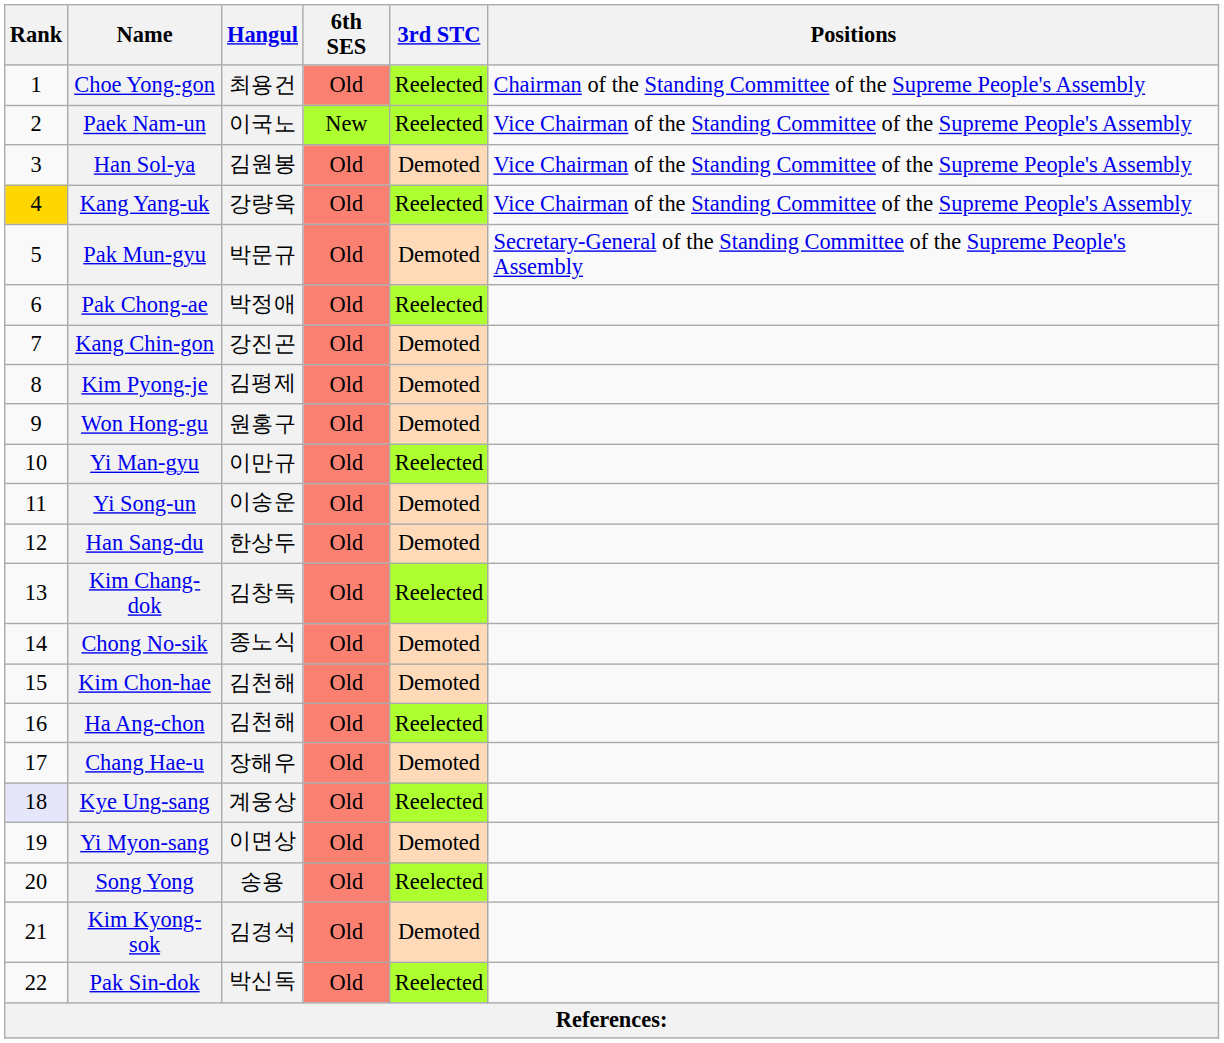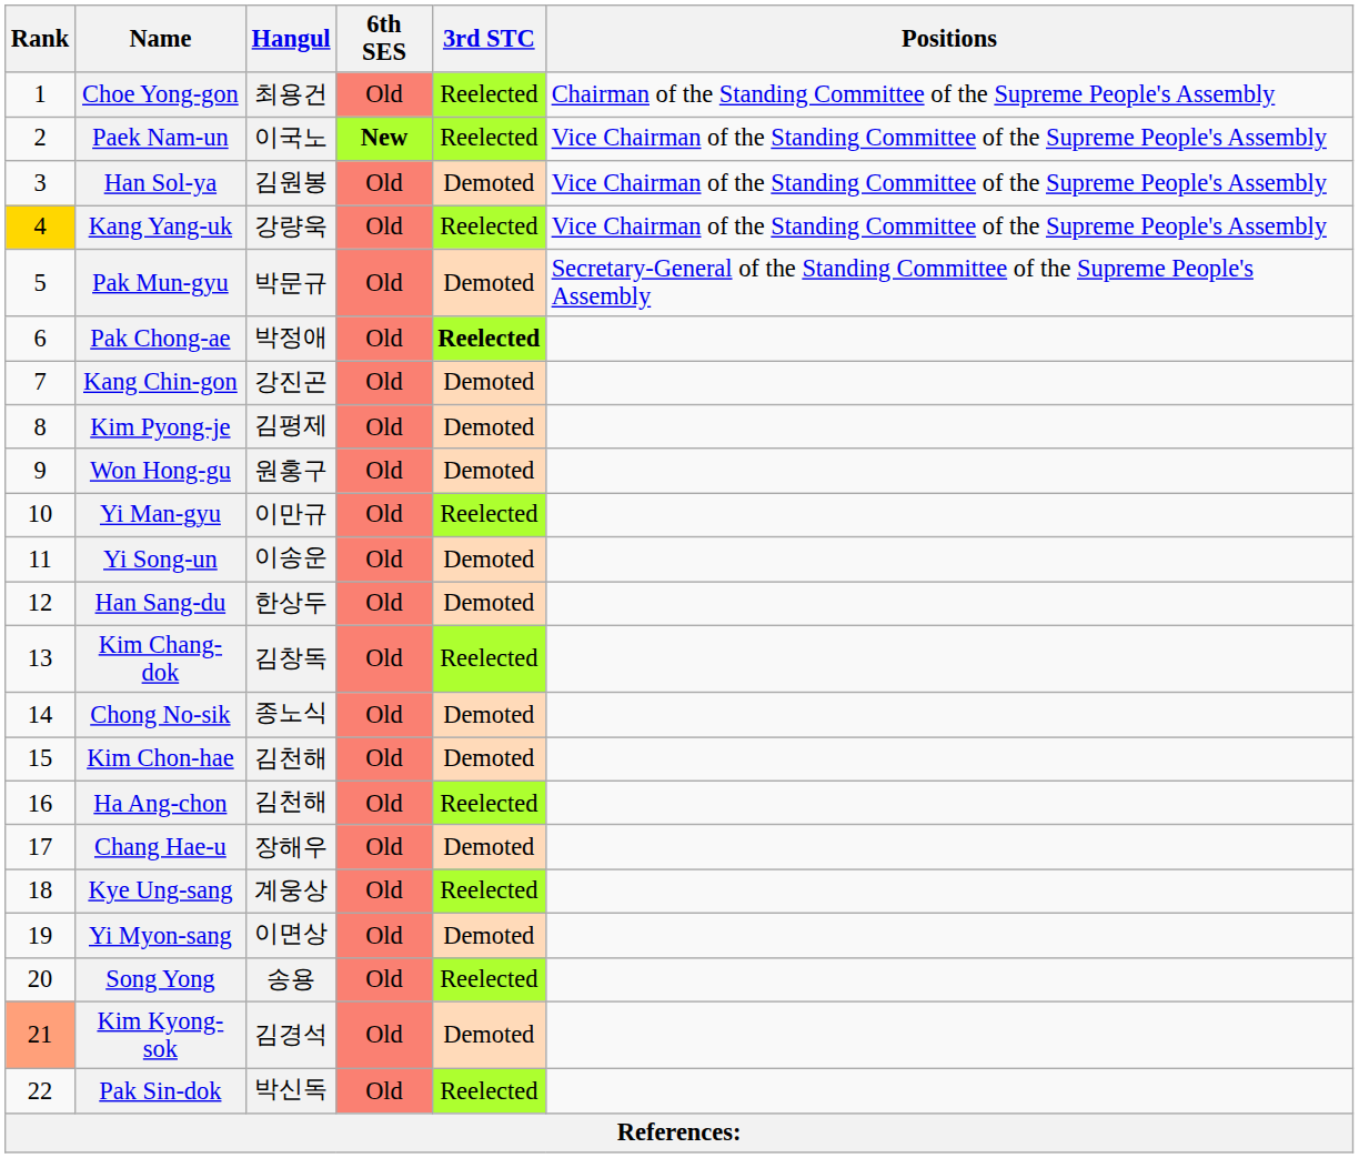 <table class="wikitable sortable">
 <tr>
 <th>Rank</th>
 <th>Name</th>
 <th class="unsortable"><a href='#'>Hangul</a></th>
 <th>6th SES</th>
 <th><a href='#'>3rd STC</a></th>
 <th>Positions</th>
 </tr>
 <tr>
 <td align="center">1</td>
 <th align="center" scope="row" style="font-weight:normal;"><a href='#'>Choe Yong-gon</a></th>
 <th align="center" scope="row" style="font-weight:normal;">최용건</th>
 <td style="background: Salmon" align="center">Old</td>
 <td align="center" style="background: GreenYellow">Reelected</td>
 <td><a href='#'>Chairman</a> of the <a href='#'>Standing Committee</a> of the <a href='#'>Supreme People's Assembly</a></td>
 </tr>
 <tr>
 <td align="center">2</td>
 <th align="center" scope="row" style="font-weight:normal;"><a href='#'>Paek Nam-un</a></th>
 <th align="center" scope="row" style="font-weight:normal;">이국노</th>
-<td align="center" style="background: GreenYellow">New</td>
+<td align="center" style="background: GreenYellow"><strong>New</strong></td>
 <td align="center" style="background: GreenYellow">Reelected</td>
 <td><a href='#'>Vice Chairman</a> of the <a href='#'>Standing Committee</a> of the <a href='#'>Supreme People's Assembly</a></td>
 </tr>
 <tr>
 <td align="center">3</td>
 <th align="center" scope="row" style="font-weight:normal;"><a href='#'>Han Sol-ya</a></th>
 <th align="center" scope="row" style="font-weight:normal;">김원봉</th>
 <td style="background: Salmon" align="center">Old</td>
 <td style="background: PeachPuff" align="center">Demoted</td>
 <td><a href='#'>Vice Chairman</a> of the <a href='#'>Standing Committee</a> of the <a href='#'>Supreme People's Assembly</a></td>
 </tr>
 <tr>
 <td align="center" style="background: gold;">4</td>
 <th align="center" scope="row" style="font-weight:normal;"><a href='#'>Kang Yang-uk</a></th>
 <th align="center" scope="row" style="font-weight:normal;">강량욱</th>
 <td style="background: Salmon" align="center">Old</td>
 <td align="center" style="background: GreenYellow">Reelected</td>
 <td><a href='#'>Vice Chairman</a> of the <a href='#'>Standing Committee</a> of the <a href='#'>Supreme People's Assembly</a></td>
 </tr>
 <tr>
 <td align="center">5</td>
 <th align="center" scope="row" style="font-weight:normal;"><a href='#'>Pak Mun-gyu</a></th>
 <th align="center" scope="row" style="font-weight:normal;">박문규</th>
 <td style="background: Salmon" align="center">Old</td>
 <td style="background: PeachPuff" align="center">Demoted</td>
 <td><a href='#'>Secretary-General</a> of the <a href='#'>Standing Committee</a> of the <a href='#'>Supreme People's Assembly</a></td>
 </tr>
 <tr>
 <td align="center">6</td>
 <th align="center" scope="row" style="font-weight:normal;"><a href='#'>Pak Chong-ae</a></th>
 <th align="center" scope="row" style="font-weight:normal;">박정애</th>
 <td style="background: Salmon" align="center">Old</td>
-<td align="center" style="background: GreenYellow">Reelected</td>
+<td align="center" style="background: GreenYellow"><strong>Reelected</strong></td>
 <td></td>
 </tr>
 <tr>
 <td align="center">7</td>
 <th align="center" scope="row" style="font-weight:normal;"><a href='#'>Kang Chin-gon</a></th>
 <th align="center" scope="row" style="font-weight:normal;">강진곤</th>
 <td style="background: Salmon" align="center">Old</td>
 <td style="background: PeachPuff" align="center">Demoted</td>
 <td></td>
 </tr>
 <tr>
 <td align="center">8</td>
 <th align="center" scope="row" style="font-weight:normal;"><a href='#'>Kim Pyong-je</a></th>
 <th align="center" scope="row" style="font-weight:normal;">김평제</th>
 <td style="background: Salmon" align="center">Old</td>
 <td style="background: PeachPuff" align="center">Demoted</td>
 <td></td>
 </tr>
 <tr>
 <td align="center">9</td>
 <th align="center" scope="row" style="font-weight:normal;"><a href='#'>Won Hong-gu</a></th>
 <th align="center" scope="row" style="font-weight:normal;">원홍구</th>
 <td style="background: Salmon" align="center">Old</td>
 <td style="background: PeachPuff" align="center">Demoted</td>
 <td></td>
 </tr>
 <tr>
 <td align="center">10</td>
 <th align="center" scope="row" style="font-weight:normal;"><a href='#'>Yi Man-gyu</a></th>
 <th align="center" scope="row" style="font-weight:normal;">이만규</th>
 <td style="background: Salmon" align="center">Old</td>
 <td align="center" style="background: GreenYellow">Reelected</td>
 <td></td>
 </tr>
 <tr>
 <td align="center">11</td>
 <th align="center" scope="row" style="font-weight:normal;"><a href='#'>Yi Song-un</a></th>
 <th align="center" scope="row" style="font-weight:normal;">이송운</th>
 <td style="background: Salmon" align="center">Old</td>
 <td style="background: PeachPuff" align="center">Demoted</td>
 <td></td>
 </tr>
 <tr>
 <td align="center">12</td>
 <th align="center" scope="row" style="font-weight:normal;"><a href='#'>Han Sang-du</a></th>
 <th align="center" scope="row" style="font-weight:normal;">한상두</th>
 <td style="background: Salmon" align="center">Old</td>
 <td style="background: PeachPuff" align="center">Demoted</td>
 <td></td>
 </tr>
 <tr>
 <td align="center">13</td>
 <th align="center" scope="row" style="font-weight:normal;"><a href='#'>Kim Chang-dok</a></th>
 <th align="center" scope="row" style="font-weight:normal;">김창독</th>
 <td style="background: Salmon" align="center">Old</td>
 <td align="center" style="background: GreenYellow">Reelected</td>
 <td></td>
 </tr>
 <tr>
 <td align="center">14</td>
 <th align="center" scope="row" style="font-weight:normal;"><a href='#'>Chong No-sik</a></th>
 <th align="center" scope="row" style="font-weight:normal;">종노식</th>
 <td style="background: Salmon" align="center">Old</td>
 <td style="background: PeachPuff" align="center">Demoted</td>
 <td></td>
 </tr>
 <tr>
 <td align="center">15</td>
 <th align="center" scope="row" style="font-weight:normal;"><a href='#'>Kim Chon-hae</a></th>
 <th align="center" scope="row" style="font-weight:normal;">김천해</th>
 <td style="background: Salmon" align="center">Old</td>
 <td style="background: PeachPuff" align="center">Demoted</td>
 <td></td>
 </tr>
 <tr>
 <td align="center">16</td>
 <th align="center" scope="row" style="font-weight:normal;"><a href='#'>Ha Ang-chon</a></th>
 <th align="center" scope="row" style="font-weight:normal;">김천해</th>
 <td style="background: Salmon" align="center">Old</td>
 <td align="center" style="background: GreenYellow">Reelected</td>
 <td></td>
 </tr>
 <tr>
 <td align="center">17</td>
 <th align="center" scope="row" style="font-weight:normal;"><a href='#'>Chang Hae-u</a></th>
 <th align="center" scope="row" style="font-weight:normal;">장해우</th>
 <td style="background: Salmon" align="center">Old</td>
 <td style="background: PeachPuff" align="center">Demoted</td>
 <td></td>
 </tr>
 <tr>
-<td align="center" style="background: lavender;">18</td>
+<td align="center">18</td>
 <th align="center" scope="row" style="font-weight:normal;"><a href='#'>Kye Ung-sang</a></th>
 <th align="center" scope="row" style="font-weight:normal;">계웅상</th>
 <td style="background: Salmon" align="center">Old</td>
 <td align="center" style="background: GreenYellow">Reelected</td>
 <td></td>
 </tr>
 <tr>
 <td align="center">19</td>
 <th align="center" scope="row" style="font-weight:normal;"><a href='#'>Yi Myon-sang</a></th>
 <th align="center" scope="row" style="font-weight:normal;">이면상</th>
 <td style="background: Salmon" align="center">Old</td>
 <td style="background: PeachPuff" align="center">Demoted</td>
 <td></td>
 </tr>
 <tr>
 <td align="center">20</td>
 <th align="center" scope="row" style="font-weight:normal;"><a href='#'>Song Yong</a></th>
 <th align="center" scope="row" style="font-weight:normal;">송용</th>
 <td style="background: Salmon" align="center">Old</td>
 <td align="center" style="background: GreenYellow">Reelected</td>
 <td></td>
 </tr>
 <tr>
-<td align="center">21</td>
+<td align="center" style="background: lightsalmon;">21</td>
 <th align="center" scope="row" style="font-weight:normal;"><a href='#'>Kim Kyong-sok</a></th>
 <th align="center" scope="row" style="font-weight:normal;">김경석</th>
 <td style="background: Salmon" align="center">Old</td>
 <td style="background: PeachPuff" align="center">Demoted</td>
 <td></td>
 </tr>
 <tr>
 <td align="center">22</td>
 <th align="center" scope="row" style="font-weight:normal;"><a href='#'>Pak Sin-dok</a></th>
 <th align="center" scope="row" style="font-weight:normal;">박신독</th>
 <td style="background: Salmon" align="center">Old</td>
 <td align="center" style="background: GreenYellow">Reelected</td>
 <td></td>
 </tr>
 <tr>
 <th colspan="6" unsortable><strong>References:</strong><br></th>
 </tr>
 </table>
